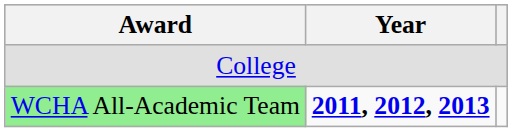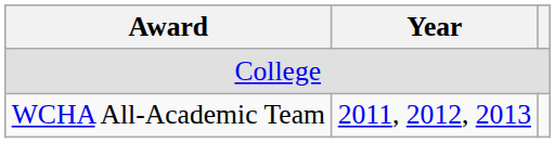 <table class="wikitable">
 <tr>
 <th>Award</th>
 <th>Year</th>
 <th></th>
 </tr>
 <tr ALIGN="center" bgcolor="#e0e0e0">
 <td colspan="3"><a href='#'>College</a></td>
 </tr>
 <tr>
-<td style="background: lightgreen;"><a href='#'>WCHA</a> All-Academic Team</td>
-<td><strong><a href='#'>2011</a>, <a href='#'>2012</a>, <a href='#'>2013</a></strong></td>
+<td><a href='#'>WCHA</a> All-Academic Team</td>
+<td><a href='#'>2011</a>, <a href='#'>2012</a>, <a href='#'>2013</a></td>
 <td></td>
 </tr>
 </table>
